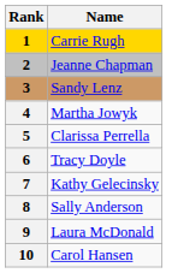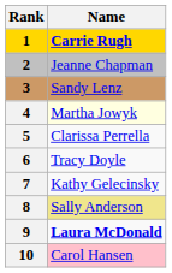 <table class="wikitable">
 <tr>
 <th>Rank</th>
 <th>Name</th>
 </tr>
 <tr bgcolor="gold">
 <td align="center"><strong>1</strong></td>
-<td><a href='#'>Carrie Rugh</a></td>
+<td><strong><a href='#'>Carrie Rugh</a></strong></td>
 </tr>
 <tr bgcolor="silver">
 <td align="center"><strong>2</strong></td>
 <td><a href='#'>Jeanne Chapman</a></td>
 </tr>
 <tr bgcolor="cc9966">
 <td align="center"><strong>3</strong></td>
 <td><a href='#'>Sandy Lenz</a></td>
 </tr>
 <tr>
 <th>4</th>
-<td><a href='#'>Martha Jowyk</a></td>
+<td style="background: lightyellow;"><a href='#'>Martha Jowyk</a></td>
 </tr>
 <tr>
 <th>5</th>
 <td><a href='#'>Clarissa Perrella</a></td>
 </tr>
 <tr>
 <th>6</th>
 <td><a href='#'>Tracy Doyle</a></td>
 </tr>
 <tr>
 <th>7</th>
 <td><a href='#'>Kathy Gelecinsky</a></td>
 </tr>
 <tr>
 <th>8</th>
-<td><a href='#'>Sally Anderson</a></td>
+<td style="background: khaki;"><a href='#'>Sally Anderson</a></td>
 </tr>
 <tr>
 <th>9</th>
-<td><a href='#'>Laura McDonald</a></td>
+<td><strong><a href='#'>Laura McDonald</a></strong></td>
 </tr>
 <tr>
 <th>10</th>
-<td><a href='#'>Carol Hansen</a></td>
+<td style="background: pink;"><a href='#'>Carol Hansen</a></td>
 </tr>
 </table>
